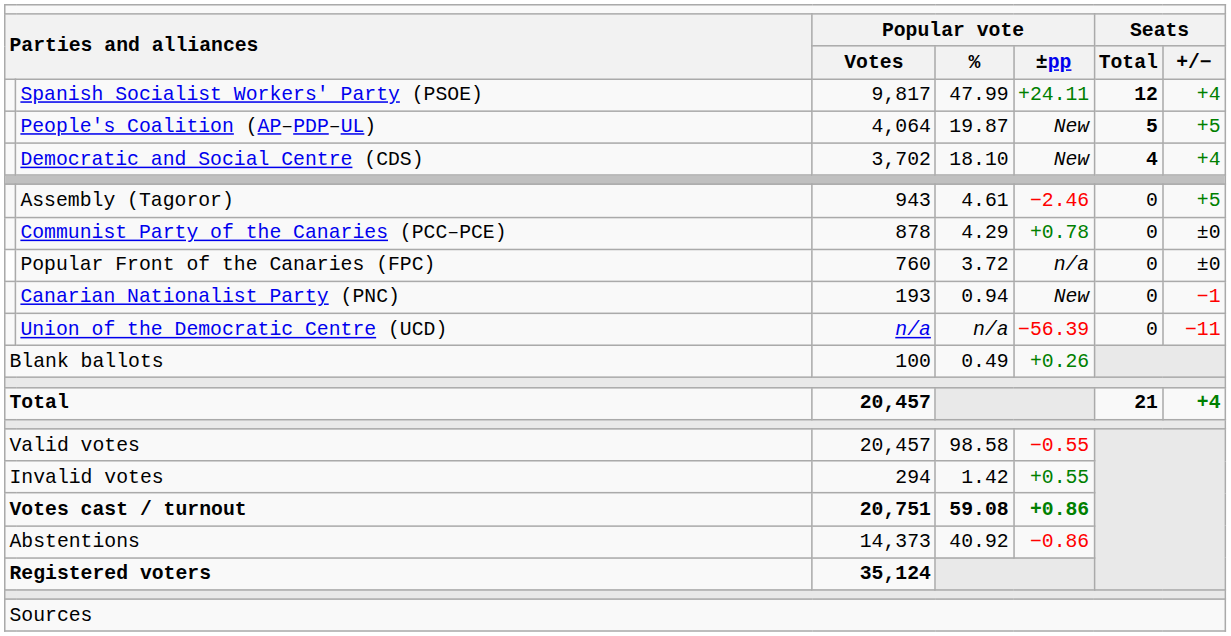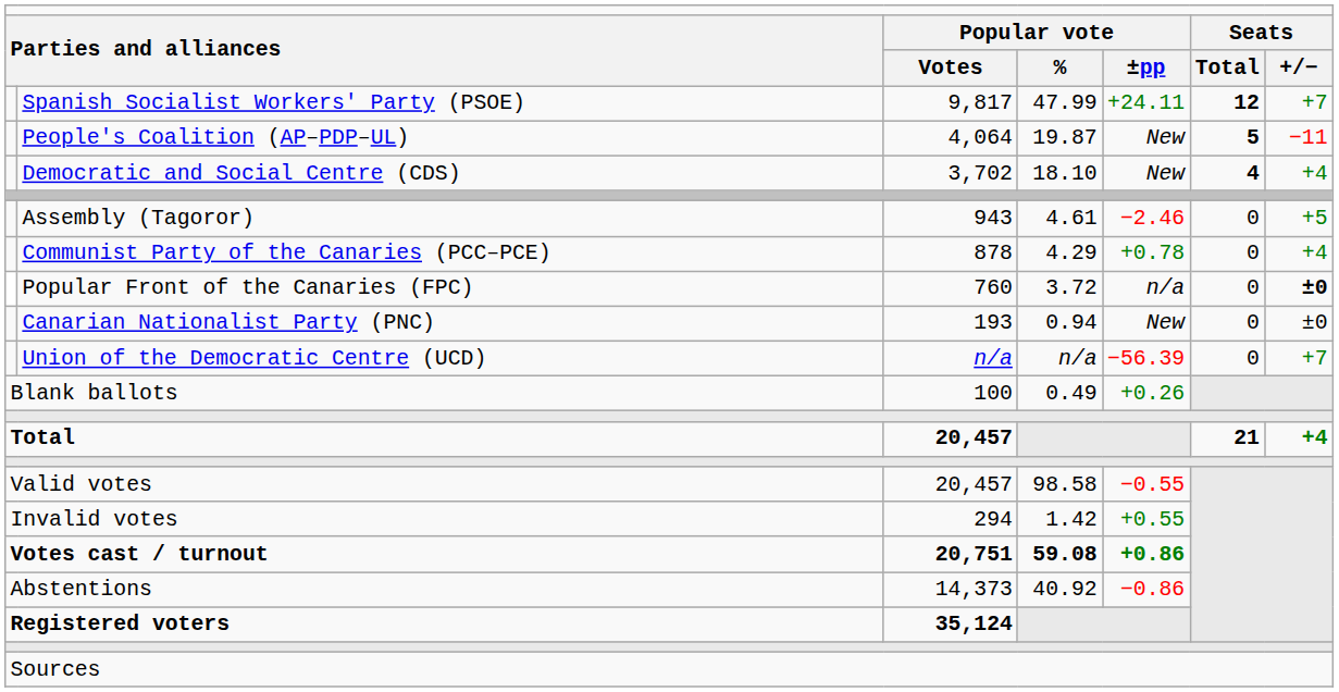 <table class="wikitable" style="text-align:right;">
 <tr>
 <td colspan="7"></td>
 </tr>
 <tr>
 <th style="text-align:left;" rowspan="2" colspan="2" width="525">Parties and alliances</th>
 <th colspan="3">Popular vote</th>
 <th colspan="2">Seats</th>
 </tr>
 <tr>
 <th width="75">Votes</th>
 <th width="45">%</th>
 <th width="45">±<a href='#'>pp</a></th>
 <th width="35">Total</th>
 <th width="35">+/−</th>
 </tr>
 <tr>
 <td width="1" style="color:inherit;background:"></td>
 <td align="left"><a href='#'>Spanish Socialist Workers' Party</a> (PSOE)</td>
 <td>9,817</td>
 <td>47.99</td>
 <td style="color:green;">+24.11</td>
 <td><strong>12</strong></td>
-<td style="color:green;">+4</td>
+<td style="color:green;">+7</td>
 </tr>
 <tr>
 <td style="color:inherit;background:"></td>
 <td align="left"><a href='#'>People's Coalition</a> (<a href='#'>AP</a>–<a href='#'>PDP</a>–<a href='#'>UL</a>)</td>
 <td>4,064</td>
 <td>19.87</td>
 <td><em>New</em></td>
 <td><strong>5</strong></td>
-<td style="color:green;">+5</td>
+<td style="color:red;">−11</td>
 </tr>
 <tr>
 <td style="color:inherit;background:"></td>
 <td align="left"><a href='#'>Democratic and Social Centre</a> (CDS)</td>
 <td>3,702</td>
 <td>18.10</td>
 <td><em>New</em></td>
 <td><strong>4</strong></td>
 <td style="color:green;">+4</td>
 </tr>
 <tr>
 <td colspan="7" bgcolor="#C0C0C0"></td>
 </tr>
 <tr>
 <td style="color:inherit;background:"></td>
 <td align="left">Assembly (Tagoror)</td>
 <td>943</td>
 <td>4.61</td>
 <td style="color:red;">−2.46</td>
 <td>0</td>
 <td style="color:green;">+5</td>
 </tr>
 <tr>
 <td style="color:inherit;background:"></td>
 <td align="left"><a href='#'>Communist Party of the Canaries</a> (PCC–PCE)</td>
 <td>878</td>
 <td>4.29</td>
 <td style="color:green;">+0.78</td>
 <td>0</td>
-<td>±0</td>
+<td style="color:green;">+4</td>
 </tr>
 <tr>
 <td bgcolor="white"></td>
 <td align="left">Popular Front of the Canaries (FPC)</td>
 <td>760</td>
 <td>3.72</td>
 <td><em>n/a</em></td>
 <td>0</td>
-<td>±0</td>
+<td><strong>±0</strong></td>
 </tr>
 <tr>
 <td style="color:inherit;background:"></td>
 <td align="left"><a href='#'>Canarian Nationalist Party</a> (PNC)</td>
 <td>193</td>
 <td>0.94</td>
 <td><em>New</em></td>
 <td>0</td>
-<td style="color:red;">−1</td>
+<td>±0</td>
 </tr>
 <tr>
 <td style="color:inherit;background:"></td>
 <td align="left"><a href='#'>Union of the Democratic Centre</a> (UCD)</td>
 <td><em><a href='#'>n/a</a></em></td>
 <td><em>n/a</em></td>
 <td style="color:red;">−56.39</td>
 <td>0</td>
-<td style="color:red;">−11</td>
+<td style="color:green;">+7</td>
 </tr>
 <tr>
 <td align="left" colspan="2">Blank ballots</td>
 <td>100</td>
 <td>0.49</td>
 <td style="color:green;">+0.26</td>
 <td bgcolor="#E9E9E9" colspan="2"></td>
 </tr>
 <tr>
 <td colspan="7" bgcolor="#E9E9E9"></td>
 </tr>
 <tr style="font-weight:bold;">
 <td align="left" colspan="2">Total</td>
 <td>20,457</td>
 <td bgcolor="#E9E9E9" colspan="2"></td>
 <td>21</td>
 <td style="color:green;">+4</td>
 </tr>
 <tr>
 <td colspan="7" bgcolor="#E9E9E9"></td>
 </tr>
 <tr>
 <td align="left" colspan="2">Valid votes</td>
 <td>20,457</td>
 <td>98.58</td>
 <td style="color:red;">−0.55</td>
 <td bgcolor="#E9E9E9" colspan="2" rowspan="5"></td>
 </tr>
 <tr>
 <td align="left" colspan="2">Invalid votes</td>
 <td>294</td>
 <td>1.42</td>
 <td style="color:green;">+0.55</td>
 </tr>
 <tr style="font-weight:bold;">
 <td align="left" colspan="2">Votes cast / turnout</td>
 <td>20,751</td>
 <td>59.08</td>
 <td style="color:green;">+0.86</td>
 </tr>
 <tr>
 <td align="left" colspan="2">Abstentions</td>
 <td>14,373</td>
 <td>40.92</td>
 <td style="color:red;">−0.86</td>
 </tr>
 <tr style="font-weight:bold;">
 <td align="left" colspan="2">Registered voters</td>
 <td>35,124</td>
 <td bgcolor="#E9E9E9" colspan="2"></td>
 </tr>
 <tr>
 <td colspan="7" bgcolor="#E9E9E9"></td>
 </tr>
 <tr>
 <td align="left" colspan="7">Sources</td>
 </tr>
 </table>
